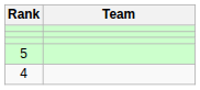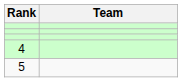 <table class=wikitable style="text-align:center;">
 <tr>
 <th>Rank</th>
 <th width=180>Team</th>
 </tr>
 <tr bgcolor=#CCFFCC>
 <td></td>
 <td align=left></td>
 </tr>
 <tr bgcolor=#CCFFCC>
 <td></td>
 <td align=left></td>
 </tr>
 <tr bgcolor=#CCFFCC>
 <td></td>
 <td align=left></td>
 </tr>
 <tr bgcolor=#CCFFCC>
+<td>4</td>
+<td align=left></td>
+</tr>
+<tr>
 <td>5</td>
 <td align=left></td>
 </tr>
-<tr>
-<td>4</td>
-<td align=left></td>
-</tr>
 </table>
